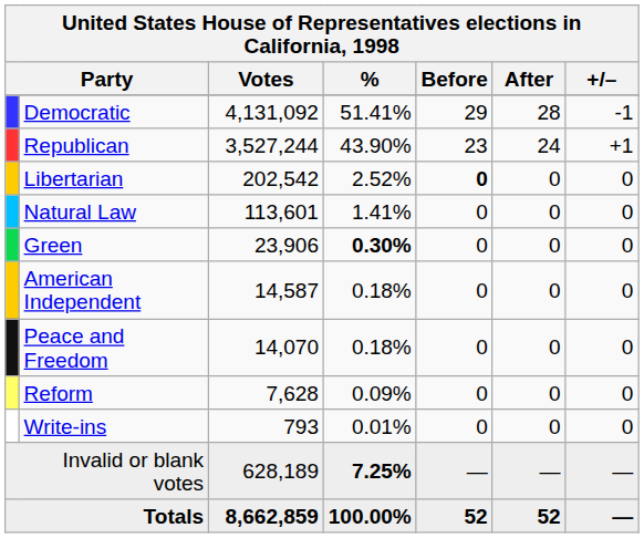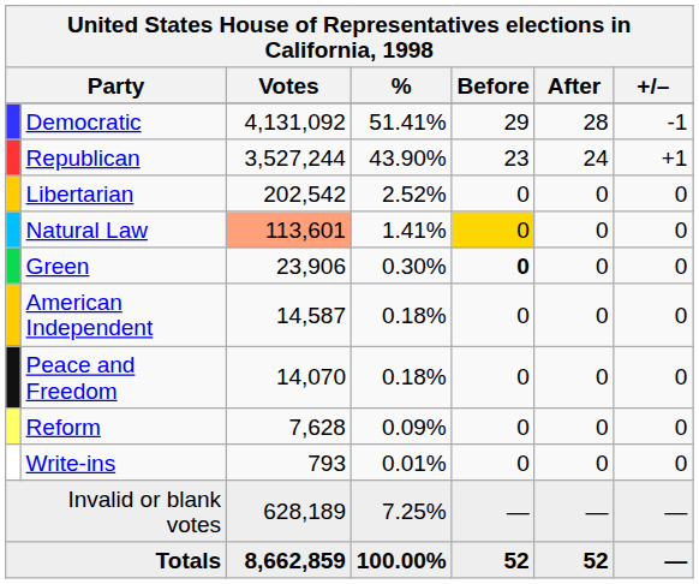 <table class="wikitable" style="font-size: 95%;">
 <tr>
 <th colspan="7">United States House of Representatives elections in California, 1998</th>
 </tr>
 <tr>
 <th colspan=2 style="width: 5em">Party</th>
 <th style="width: 5em">Votes</th>
 <th style="width: 3em">%</th>
 <th style="width: 3em">Before</th>
 <th style="width: 3em">After</th>
 <th style="width: 3em">+/–</th>
 </tr>
 <tr>
 </tr>
 <tr>
 <th style="background-color:#3333FF; width: 3px"></th>
 <td style="width: 130px"><a href='#'>Democratic</a></td>
 <td align="right">4,131,092</td>
 <td align="right">51.41%</td>
 <td align="right">29</td>
 <td align="right">28</td>
 <td align="right">-1</td>
 </tr>
 <tr>
 <th style="background-color:#FF3333; width: 3px"></th>
 <td style="width: 130px"><a href='#'>Republican</a></td>
 <td align="right">3,527,244</td>
 <td align="right">43.90%</td>
 <td align="right">23</td>
 <td align="right">24</td>
 <td align="right">+1</td>
 </tr>
 <tr>
 <th style="background-color:#FFCC00; width: 3px"></th>
 <td style="width: 130px"><a href='#'>Libertarian</a></td>
 <td align="right">202,542</td>
 <td align="right">2.52%</td>
-<td align="right"><strong>0</strong></td>
+<td align="right">0</td>
 <td align="right">0</td>
 <td align="right">0</td>
 </tr>
 <tr>
 <th style="background-color:#00BFFF; width: 3px"></th>
 <td style="width: 130px"><a href='#'>Natural Law</a></td>
-<td align="right">113,601</td>
+<td align="right" style="background: lightsalmon;">113,601</td>
 <td align="right">1.41%</td>
-<td align="right">0</td>
+<td align="right" style="background: gold;">0</td>
 <td align="right">0</td>
 <td align="right">0</td>
 </tr>
 <tr>
 <th style="background-color:#0BDA51; width: 3px"></th>
 <td style="width: 130px"><a href='#'>Green</a></td>
 <td align="right">23,906</td>
-<td align="right"><strong>0.30%</strong></td>
-<td align="right">0</td>
+<td align="right">0.30%</td>
+<td align="right"><strong>0</strong></td>
 <td align="right">0</td>
 <td align="right">0</td>
 </tr>
 <tr>
 <th style="background-color:#FFCC00; width: 3px"></th>
 <td style="width: 130px"><a href='#'>American Independent</a></td>
 <td align="right">14,587</td>
 <td align="right">0.18%</td>
 <td align="right">0</td>
 <td align="right">0</td>
 <td align="right">0</td>
 </tr>
 <tr>
 <th style="background-color:#111111; width: 3px"></th>
 <td style="width: 130px"><a href='#'>Peace and Freedom</a></td>
 <td align="right">14,070</td>
 <td align="right">0.18%</td>
 <td align="right">0</td>
 <td align="right">0</td>
 <td align="right">0</td>
 </tr>
 <tr>
 <th style="background-color:#FFFF66; width: 3px"></th>
 <td style="width: 130px"><a href='#'>Reform</a></td>
 <td align="right">7,628</td>
 <td align="right">0.09%</td>
 <td align="right">0</td>
 <td align="right">0</td>
 <td align="right">0</td>
 </tr>
 <tr>
 <th style="background-color:#FFFFFF; width: 3px"></th>
 <td style="width: 130px"><a href='#'>Write-ins</a></td>
 <td align="right">793</td>
 <td align="right">0.01%</td>
 <td align="right">0</td>
 <td align="right">0</td>
 <td align="right">0</td>
 </tr>
 <tr bgcolor="#EEEEEE">
 <td colspan="2" align="right">Invalid or blank votes</td>
 <td align="right">628,189</td>
-<td align="right"><strong>7.25%</strong></td>
+<td align="right">7.25%</td>
 <td align="right">—</td>
 <td align="right">—</td>
 <td align="right">—</td>
 </tr>
 <tr bgcolor="#EEEEEE">
 <td colspan="2" align="right"><strong>Totals</strong></td>
 <td align="right"><strong>8,662,859</strong></td>
 <td align="right"><strong>100.00%</strong></td>
 <td align="right"><strong>52</strong></td>
 <td align="right"><strong>52</strong></td>
 <td align="right"><strong>—</strong></td>
 </tr>
 </table>
